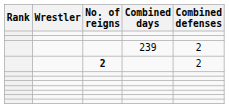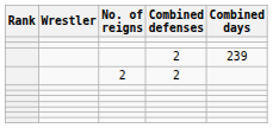 <table class="wikitable sortable" style="text-align:center">
 <tr>
 <th>Rank</th>
 <th>Wrestler</th>
 <th>No. of<br>reigns</th>
+<th>Combined<br>defenses</th>
 <th>Combined<br>days</th>
-<th>Combined<br>defenses</th>
 </tr>
 <tr>
 <th></th>
 <td></td>
 <td></td>
 <td></td>
 <td></td>
 </tr>
 <tr>
 <th></th>
 <td></td>
 <td></td>
 <td></td>
 <td></td>
 </tr>
 <tr>
 <th></th>
 <td></td>
 <td></td>
+<td>2</td>
 <td>239</td>
-<td>2</td>
 </tr>
 <tr>
 <th></th>
 <td></td>
-<td><strong>2</strong></td>
+<td>2</td>
+<td>2</td>
 <td></td>
-<td>2</td>
 </tr>
 <tr>
 <th></th>
 <td></td>
 <td></td>
 <td></td>
 <td></td>
 </tr>
 <tr>
 <th></th>
 <td></td>
 <td></td>
 <td></td>
 <td></td>
 </tr>
 <tr>
 <th></th>
 <td></td>
 <td></td>
 <td></td>
 <td></td>
 </tr>
 <tr>
 <th></th>
 <td></td>
 <td></td>
 <td></td>
 <td></td>
 </tr>
 <tr>
 <th></th>
 <td></td>
 <td></td>
 <td></td>
 <td></td>
 </tr>
 <tr>
 <th></th>
 <td></td>
 <td></td>
 <td></td>
 <td></td>
 </tr>
 <tr>
 <th></th>
 <td></td>
 <td></td>
 <td></td>
 <td></td>
 </tr>
 </table>
